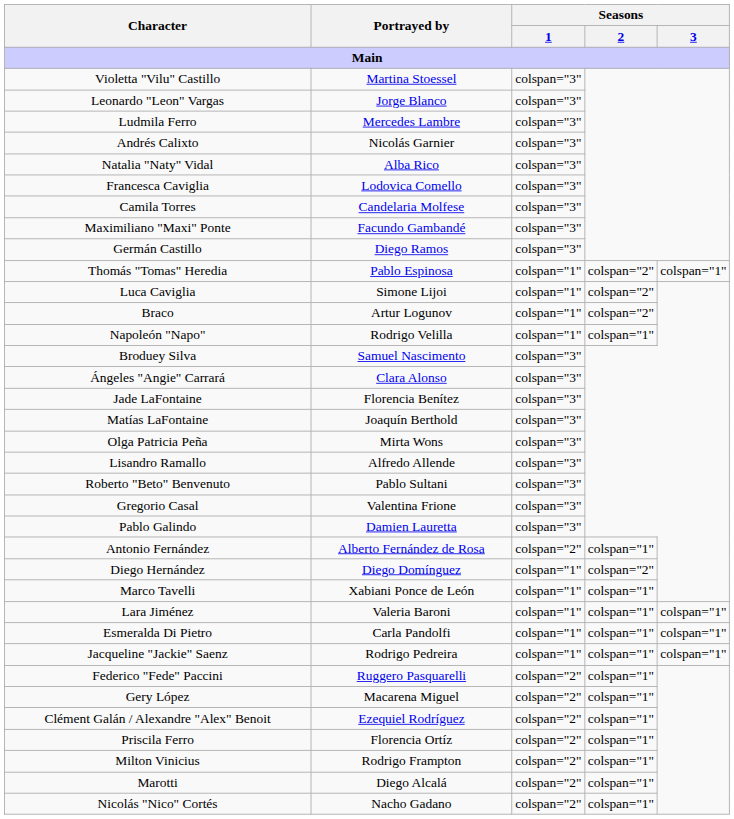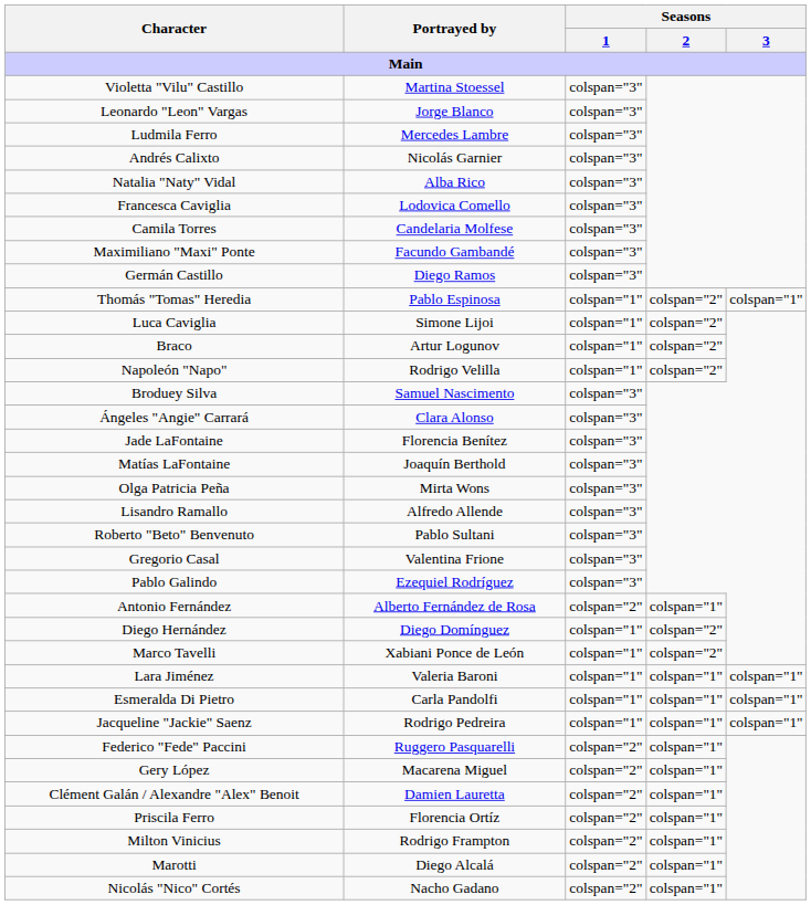 <table class="wikitable" style="text-align:center;">
 <tr>
 <th rowspan="2">Character</th>
 <th rowspan="2">Portrayed by</th>
 <th colspan="3">Seasons</th>
 </tr>
 <tr>
 <th style="width:10%;"><a href='#'>1</a></th>
 <th style="width:10%;"><a href='#'>2</a></th>
 <th style="width:10%;"><a href='#'>3</a></th>
 </tr>
 <tr>
 <th colspan="8" style="background-color:#ccccff;">Main</th>
 </tr>
 <tr>
 <td>Violetta "Vilu" Castillo</td>
 <td><a href='#'>Martina Stoessel</a></td>
 <td>colspan="3" </td>
 </tr>
 <tr>
 <td>Leonardo "Leon" Vargas</td>
 <td><a href='#'>Jorge Blanco</a></td>
 <td>colspan="3" </td>
 </tr>
 <tr>
 <td>Ludmila Ferro</td>
 <td><a href='#'>Mercedes Lambre</a></td>
 <td>colspan="3" </td>
 </tr>
 <tr>
 <td>Andrés Calixto</td>
 <td>Nicolás Garnier</td>
 <td>colspan="3" </td>
 </tr>
 <tr>
 <td>Natalia "Naty" Vidal</td>
 <td><a href='#'>Alba Rico</a></td>
 <td>colspan="3" </td>
 </tr>
 <tr>
 <td>Francesca Caviglia</td>
 <td><a href='#'>Lodovica Comello</a></td>
 <td>colspan="3" </td>
 </tr>
 <tr>
 <td>Camila Torres</td>
 <td><a href='#'>Candelaria Molfese</a></td>
 <td>colspan="3" </td>
 </tr>
 <tr>
 <td>Maximiliano "Maxi" Ponte</td>
 <td><a href='#'>Facundo Gambandé</a></td>
 <td>colspan="3" </td>
 </tr>
 <tr>
 <td>Germán Castillo</td>
 <td><a href='#'>Diego Ramos</a></td>
 <td>colspan="3" </td>
 </tr>
 <tr>
 <td>Thomás "Tomas" Heredia</td>
 <td><a href='#'>Pablo Espinosa</a></td>
 <td>colspan="1" </td>
 <td>colspan="2" </td>
 <td>colspan="1" </td>
 </tr>
 <tr>
 <td>Luca Caviglia</td>
 <td>Simone Lijoi</td>
 <td>colspan="1" </td>
 <td>colspan="2" </td>
 </tr>
 <tr>
 <td>Braco</td>
 <td>Artur Logunov</td>
 <td>colspan="1" </td>
 <td>colspan="2" </td>
 </tr>
 <tr>
 <td>Napoleón "Napo"</td>
 <td>Rodrigo Velilla</td>
 <td>colspan="1" </td>
-<td>colspan="1" </td>
+<td>colspan="2" </td>
 </tr>
 <tr>
 <td>Broduey Silva</td>
 <td><a href='#'>Samuel Nascimento</a></td>
 <td>colspan="3" </td>
 </tr>
 <tr>
 <td>Ángeles "Angie" Carrará</td>
 <td><a href='#'>Clara Alonso</a></td>
 <td>colspan="3" </td>
 </tr>
 <tr>
 <td>Jade LaFontaine</td>
 <td>Florencia Benítez</td>
 <td>colspan="3" </td>
 </tr>
 <tr>
 <td>Matías LaFontaine</td>
 <td>Joaquín Berthold</td>
 <td>colspan="3" </td>
 </tr>
 <tr>
 <td>Olga Patricia Peña</td>
 <td>Mirta Wons</td>
 <td>colspan="3" </td>
 </tr>
 <tr>
 <td>Lisandro Ramallo</td>
 <td>Alfredo Allende</td>
 <td>colspan="3" </td>
 </tr>
 <tr>
 <td>Roberto "Beto" Benvenuto</td>
 <td>Pablo Sultani</td>
 <td>colspan="3" </td>
 </tr>
 <tr>
 <td>Gregorio Casal</td>
 <td>Valentina Frione</td>
 <td>colspan="3" </td>
 </tr>
 <tr>
 <td>Pablo Galindo</td>
-<td><a href='#'>Damien Lauretta</a></td>
+<td><a href='#'>Ezequiel Rodríguez</a></td>
 <td>colspan="3" </td>
 </tr>
 <tr>
 <td>Antonio Fernández</td>
 <td><a href='#'>Alberto Fernández de Rosa</a></td>
 <td>colspan="2" </td>
 <td>colspan="1" </td>
 </tr>
 <tr>
 <td>Diego Hernández</td>
 <td><a href='#'>Diego Domínguez</a></td>
 <td>colspan="1" </td>
 <td>colspan="2" </td>
 </tr>
 <tr>
 <td>Marco Tavelli</td>
 <td>Xabiani Ponce de León</td>
 <td>colspan="1" </td>
-<td>colspan="1" </td>
+<td>colspan="2" </td>
 </tr>
 <tr>
 <td>Lara Jiménez</td>
 <td>Valeria Baroni</td>
 <td>colspan="1" </td>
 <td>colspan="1" </td>
 <td>colspan="1" </td>
 </tr>
 <tr>
 <td>Esmeralda Di Pietro</td>
 <td>Carla Pandolfi</td>
 <td>colspan="1" </td>
 <td>colspan="1" </td>
 <td>colspan="1" </td>
 </tr>
 <tr>
 <td>Jacqueline "Jackie" Saenz</td>
 <td>Rodrigo Pedreira</td>
 <td>colspan="1" </td>
 <td>colspan="1" </td>
 <td>colspan="1" </td>
 </tr>
 <tr>
 <td>Federico "Fede" Paccini</td>
 <td><a href='#'>Ruggero Pasquarelli</a></td>
 <td>colspan="2" </td>
 <td>colspan="1" </td>
 </tr>
 <tr>
 <td>Gery López</td>
 <td>Macarena Miguel</td>
 <td>colspan="2" </td>
 <td>colspan="1" </td>
 </tr>
 <tr>
 <td>Clément Galán / Alexandre "Alex" Benoit</td>
-<td><a href='#'>Ezequiel Rodríguez</a></td>
+<td><a href='#'>Damien Lauretta</a></td>
 <td>colspan="2" </td>
 <td>colspan="1" </td>
 </tr>
 <tr>
 <td>Priscila Ferro</td>
 <td>Florencia Ortíz</td>
 <td>colspan="2" </td>
 <td>colspan="1" </td>
 </tr>
 <tr>
 <td>Milton Vinicius</td>
 <td>Rodrigo Frampton</td>
 <td>colspan="2" </td>
 <td>colspan="1" </td>
 </tr>
 <tr>
 <td>Marotti</td>
 <td>Diego Alcalá</td>
 <td>colspan="2" </td>
 <td>colspan="1" </td>
 </tr>
 <tr>
 <td>Nicolás "Nico" Cortés</td>
 <td>Nacho Gadano</td>
 <td>colspan="2" </td>
 <td>colspan="1" </td>
 </tr>
 </table>
